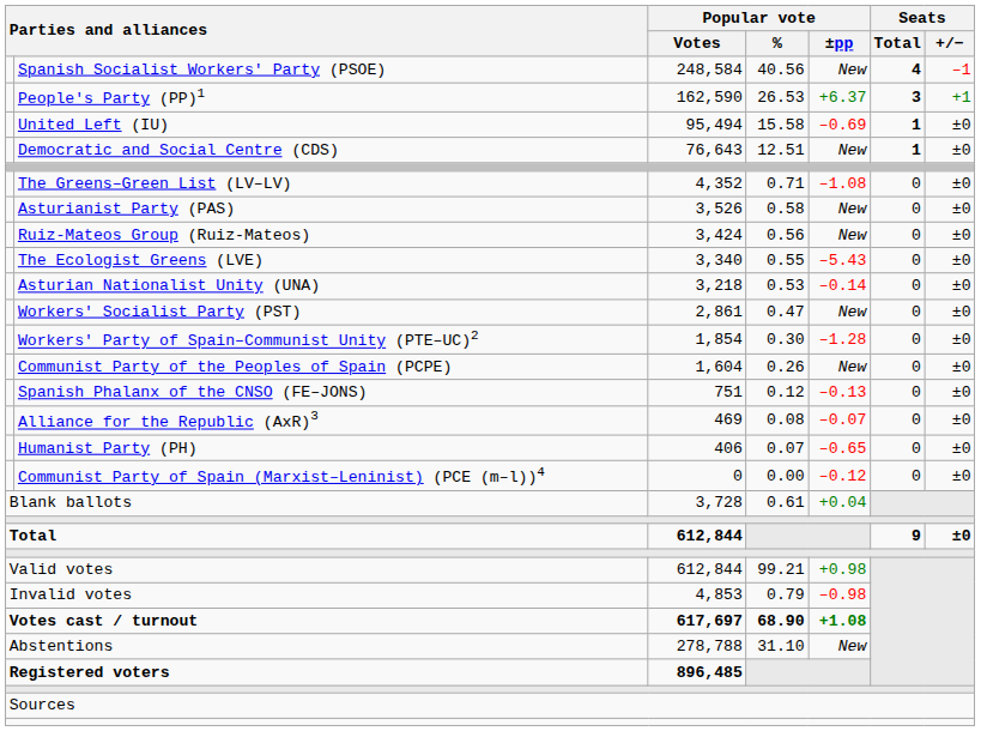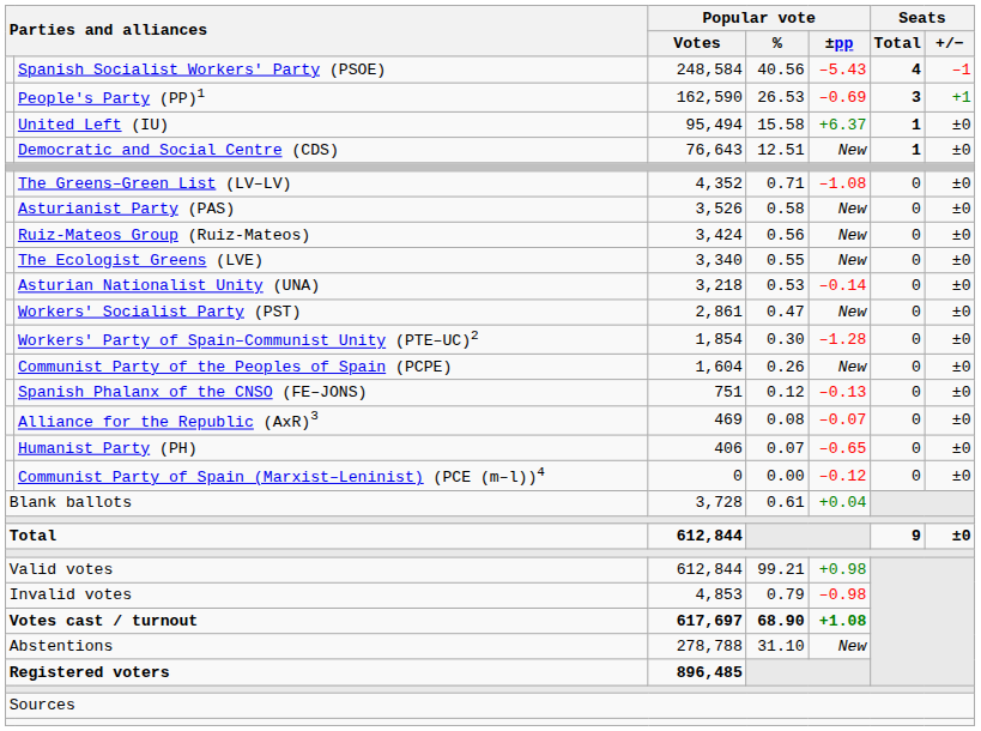 <table class="wikitable" style="text-align:right;">
 <tr>
 <th style="text-align:left;" rowspan="2" colspan="2" width="525">Parties and alliances</th>
 <th colspan="3">Popular vote</th>
 <th colspan="2">Seats</th>
 </tr>
 <tr>
 <th width="75">Votes</th>
 <th width="45">%</th>
 <th width="45">±<a href='#'>pp</a></th>
 <th width="35">Total</th>
 <th width="35">+/−</th>
 </tr>
 <tr>
 <td width="1" style="color:inherit;background:"></td>
 <td align="left"><a href='#'>Spanish Socialist Workers' Party</a> (PSOE)</td>
 <td>248,584</td>
 <td>40.56</td>
-<td><em>New</em></td>
+<td style="color:red;">–5.43</td>
 <td><strong>4</strong></td>
 <td style="color:red;">–1</td>
 </tr>
 <tr>
 <td style="color:inherit;background:"></td>
 <td align="left"><a href='#'>People's Party</a> (PP)<sup>1</sup></td>
 <td>162,590</td>
 <td>26.53</td>
-<td style="color:green;">+6.37</td>
+<td style="color:red;">–0.69</td>
 <td><strong>3</strong></td>
 <td style="color:green;">+1</td>
 </tr>
 <tr>
 <td style="color:inherit;background:"></td>
 <td align="left"><a href='#'>United Left</a> (IU)</td>
 <td>95,494</td>
 <td>15.58</td>
-<td style="color:red;">–0.69</td>
+<td style="color:green;">+6.37</td>
 <td><strong>1</strong></td>
 <td>±0</td>
 </tr>
 <tr>
 <td style="color:inherit;background:"></td>
 <td align="left"><a href='#'>Democratic and Social Centre</a> (CDS)</td>
 <td>76,643</td>
 <td>12.51</td>
 <td><em>New</em></td>
 <td><strong>1</strong></td>
 <td>±0</td>
 </tr>
 <tr>
 <td colspan="7" bgcolor="#C0C0C0"></td>
 </tr>
 <tr>
 <td style="color:inherit;background:"></td>
 <td align="left"><a href='#'>The Greens–Green List</a> (LV–LV)</td>
 <td>4,352</td>
 <td>0.71</td>
 <td style="color:red;">–1.08</td>
 <td>0</td>
 <td>±0</td>
 </tr>
 <tr>
 <td style="color:inherit;background:"></td>
 <td align="left"><a href='#'>Asturianist Party</a> (PAS)</td>
 <td>3,526</td>
 <td>0.58</td>
 <td><em>New</em></td>
 <td>0</td>
 <td>±0</td>
 </tr>
 <tr>
 <td style="color:inherit;background:"></td>
 <td align="left"><a href='#'>Ruiz-Mateos Group</a> (Ruiz-Mateos)</td>
 <td>3,424</td>
 <td>0.56</td>
 <td><em>New</em></td>
 <td>0</td>
 <td>±0</td>
 </tr>
 <tr>
 <td style="color:inherit;background:"></td>
 <td align="left"><a href='#'>The Ecologist Greens</a> (LVE)</td>
 <td>3,340</td>
 <td>0.55</td>
-<td style="color:red;">–5.43</td>
+<td><em>New</em></td>
 <td>0</td>
 <td>±0</td>
 </tr>
 <tr>
 <td style="color:inherit;background:"></td>
 <td align="left"><a href='#'>Asturian Nationalist Unity</a> (UNA)</td>
 <td>3,218</td>
 <td>0.53</td>
 <td style="color:red;">–0.14</td>
 <td>0</td>
 <td>±0</td>
 </tr>
 <tr>
 <td style="color:inherit;background:"></td>
 <td align="left"><a href='#'>Workers' Socialist Party</a> (PST)</td>
 <td>2,861</td>
 <td>0.47</td>
 <td><em>New</em></td>
 <td>0</td>
 <td>±0</td>
 </tr>
 <tr>
 <td style="color:inherit;background:"></td>
 <td align="left"><a href='#'>Workers' Party of Spain–Communist Unity</a> (PTE–UC)<sup>2</sup></td>
 <td>1,854</td>
 <td>0.30</td>
 <td style="color:red;">–1.28</td>
 <td>0</td>
 <td>±0</td>
 </tr>
 <tr>
 <td style="color:inherit;background:"></td>
 <td align="left"><a href='#'>Communist Party of the Peoples of Spain</a> (PCPE)</td>
 <td>1,604</td>
 <td>0.26</td>
 <td><em>New</em></td>
 <td>0</td>
 <td>±0</td>
 </tr>
 <tr>
 <td style="color:inherit;background:"></td>
 <td align="left"><a href='#'>Spanish Phalanx of the CNSO</a> (FE–JONS)</td>
 <td>751</td>
 <td>0.12</td>
 <td style="color:red;">–0.13</td>
 <td>0</td>
 <td>±0</td>
 </tr>
 <tr>
 <td style="color:inherit;background:"></td>
 <td align="left"><a href='#'>Alliance for the Republic</a> (AxR)<sup>3</sup></td>
 <td>469</td>
 <td>0.08</td>
 <td style="color:red;">–0.07</td>
 <td>0</td>
 <td>±0</td>
 </tr>
 <tr>
 <td style="color:inherit;background:"></td>
 <td align="left"><a href='#'>Humanist Party</a> (PH)</td>
 <td>406</td>
 <td>0.07</td>
 <td style="color:red;">–0.65</td>
 <td>0</td>
 <td>±0</td>
 </tr>
 <tr>
 <td style="color:inherit;background:"></td>
 <td align="left"><a href='#'>Communist Party of Spain (Marxist–Leninist)</a> (PCE (m–l))<sup>4</sup></td>
 <td>0</td>
 <td>0.00</td>
 <td style="color:red;">–0.12</td>
 <td>0</td>
 <td>±0</td>
 </tr>
 <tr>
 <td align="left" colspan="2">Blank ballots</td>
 <td>3,728</td>
 <td>0.61</td>
 <td style="color:green;">+0.04</td>
 <td bgcolor="#E9E9E9" colspan="2"></td>
 </tr>
 <tr>
 <td colspan="7" bgcolor="#E9E9E9"></td>
 </tr>
 <tr style="font-weight:bold;">
 <td align="left" colspan="2">Total</td>
 <td>612,844</td>
 <td bgcolor="#E9E9E9" colspan="2"></td>
 <td>9</td>
 <td>±0</td>
 </tr>
 <tr>
 <td colspan="7" bgcolor="#E9E9E9"></td>
 </tr>
 <tr>
 <td align="left" colspan="2">Valid votes</td>
 <td>612,844</td>
 <td>99.21</td>
 <td style="color:green;">+0.98</td>
 <td bgcolor="#E9E9E9" colspan="2" rowspan="5"></td>
 </tr>
 <tr>
 <td align="left" colspan="2">Invalid votes</td>
 <td>4,853</td>
 <td>0.79</td>
 <td style="color:red;">–0.98</td>
 </tr>
 <tr style="font-weight:bold;">
 <td align="left" colspan="2">Votes cast / turnout</td>
 <td>617,697</td>
 <td>68.90</td>
 <td style="color:green;">+1.08</td>
 </tr>
 <tr>
 <td align="left" colspan="2">Abstentions</td>
 <td>278,788</td>
 <td>31.10</td>
 <td><em>New</em></td>
 </tr>
 <tr style="font-weight:bold;">
 <td align="left" colspan="2">Registered voters</td>
 <td>896,485</td>
 <td bgcolor="#E9E9E9" colspan="2"></td>
 </tr>
 <tr>
 <td colspan="7" bgcolor="#E9E9E9"></td>
 </tr>
 <tr>
 <td align="left" colspan="7">Sources</td>
 </tr>
 <tr>
 <td colspan="7" style="text-align:left; max-width:790px;"></td>
 </tr>
 </table>
